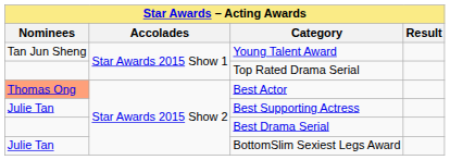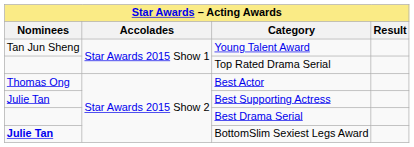 <table class="wikitable sortable">
 <tr>
 <th colspan="4" – style="background:#FAEB86;" align="center"><a href='#'>Star Awards</a> – Acting Awards</th>
 </tr>
 <tr>
 <th>Nominees</th>
 <th>Accolades</th>
 <th>Category</th>
 <th>Result</th>
 </tr>
 <tr>
 <td>Tan Jun Sheng</td>
 <td rowspan="2"><a href='#'>Star Awards 2015</a> Show 1</td>
 <td><a href='#'>Young Talent Award</a></td>
 <td></td>
 </tr>
 <tr>
 <td></td>
 <td>Top Rated Drama Serial</td>
 <td></td>
 </tr>
 <tr>
-<td style="background: lightsalmon;"><a href='#'>Thomas Ong</a></td>
+<td><a href='#'>Thomas Ong</a></td>
 <td rowspan="4"><a href='#'>Star Awards 2015</a> Show 2</td>
 <td><a href='#'>Best Actor</a></td>
 <td></td>
 </tr>
 <tr>
 <td><a href='#'>Julie Tan</a></td>
 <td><a href='#'>Best Supporting Actress</a></td>
 <td></td>
 </tr>
 <tr>
 <td></td>
 <td><a href='#'>Best Drama Serial</a></td>
 <td></td>
 </tr>
 <tr>
-<td><a href='#'>Julie Tan</a></td>
+<td><strong><a href='#'>Julie Tan</a></strong></td>
 <td>BottomSlim Sexiest Legs Award</td>
 <td></td>
 </tr>
 </table>
